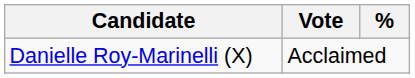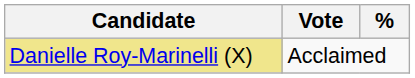 <table class="wikitable">
 <tr>
 <th bgcolor="#DDDDFF" width="200px">Candidate</th>
 <th bgcolor="#DDDDFF" width="50px">Vote</th>
 <th bgcolor="#DDDDFF" width="30px">%</th>
 </tr>
 <tr>
-<td><a href='#'>Danielle Roy-Marinelli</a> (X)</td>
+<td style="background: khaki;"><a href='#'>Danielle Roy-Marinelli</a> (X)</td>
 <td colspan="2">Acclaimed</td>
 </tr>
 </table>
